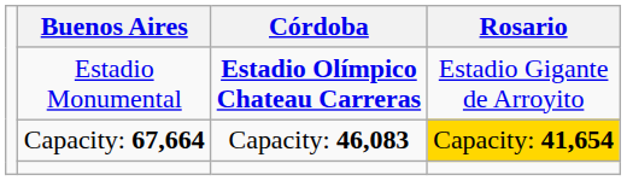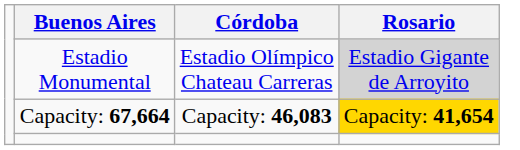 <table class="wikitable" style="text-align:center">
 <tr>
 <td rowspan="4"></td>
 <th><a href='#'>Buenos Aires</a></th>
 <th><a href='#'>Córdoba</a></th>
 <th><a href='#'>Rosario</a></th>
 </tr>
 <tr>
 <td><a href='#'>Estadio<br>Monumental</a></td>
-<td><strong><a href='#'>Estadio Olímpico<br>Chateau Carreras</a></strong></td>
-<td><a href='#'>Estadio Gigante<br>de Arroyito</a></td>
+<td><a href='#'>Estadio Olímpico<br>Chateau Carreras</a></td>
+<td style="background: lightgrey;"><a href='#'>Estadio Gigante<br>de Arroyito</a></td>
 </tr>
 <tr>
 <td>Capacity: <strong>67,664</strong></td>
 <td>Capacity: <strong>46,083</strong></td>
 <td style="background: gold;">Capacity: <strong>41,654</strong></td>
 </tr>
 <tr>
 <td></td>
 <td></td>
 <td></td>
 </tr>
 </table>
